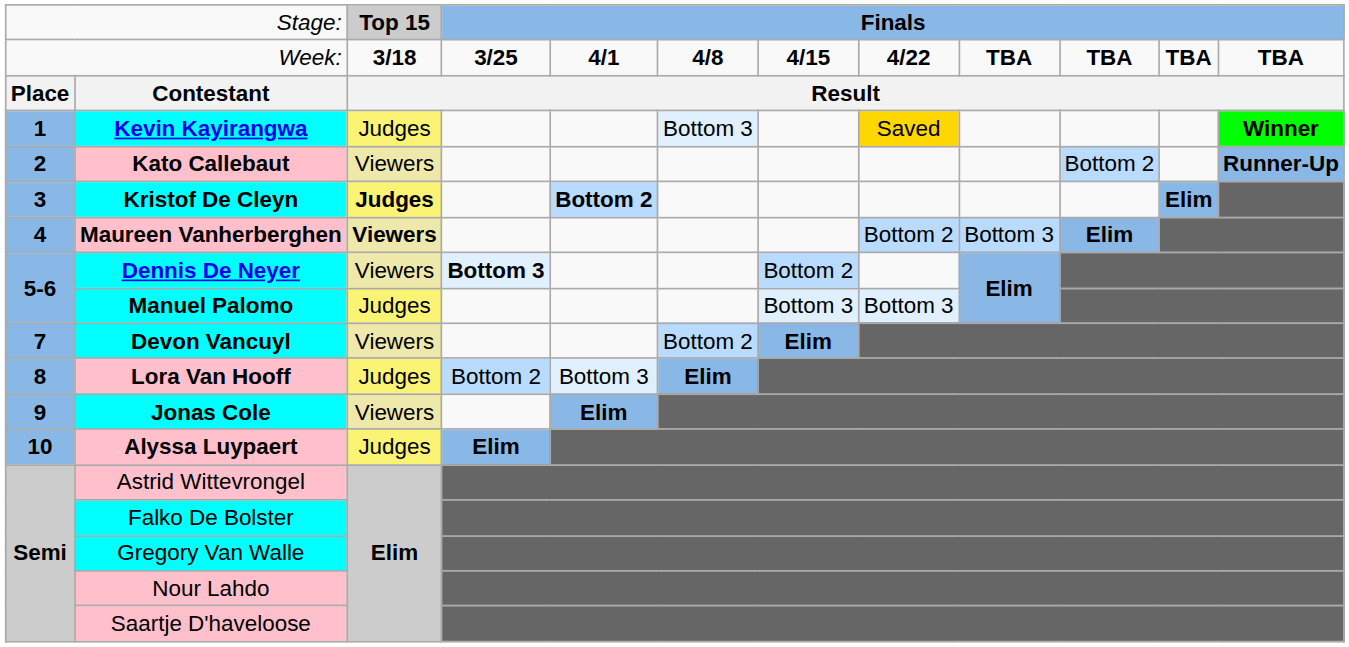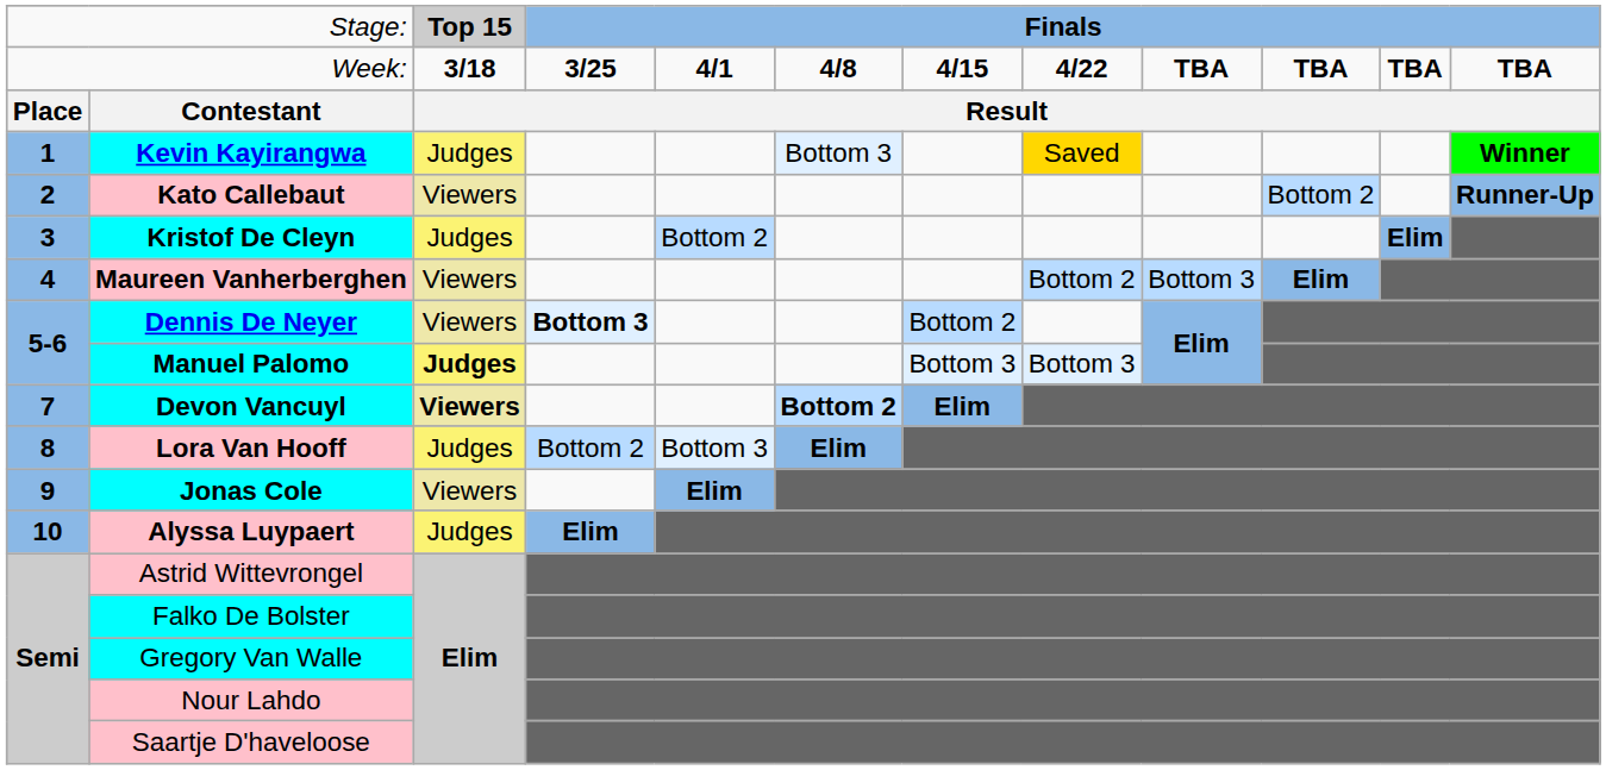 <table class="wikitable" style="margin:1em auto; text-align:center; font-size:85%">
 <tr>
 <td align="right" colspan=2><em>Stage:</em></td>
 <td bgcolor="CCCCCC"><strong>Top 15</strong></td>
 <td bgcolor="8AB8E6" colspan=9><strong>Finals</strong></td>
 </tr>
 <tr>
 <td align="right" colspan=2><em>Week:</em></td>
 <td><strong>3/18</strong></td>
 <td><strong>3/25</strong></td>
 <td><strong>4/1</strong></td>
 <td><strong>4/8</strong></td>
 <td><strong>4/15</strong></td>
 <td><strong>4/22</strong></td>
 <td><strong>TBA</strong></td>
 <td><strong>TBA</strong></td>
 <td><strong>TBA</strong></td>
 <td><strong>TBA</strong></td>
 </tr>
 <tr>
 <th>Place</th>
 <th>Contestant</th>
 <th align="center" colspan=11>Result</th>
 </tr>
 <tr>
 <td bgcolor="8AB8E6"><strong>1</strong></td>
 <td bgcolor="cyan"><strong><a href='#'>Kevin Kayirangwa</a></strong></td>
 <td bgcolor="FBF373">Judges</td>
 <td></td>
 <td></td>
 <td bgcolor="E0F0FF">Bottom 3</td>
 <td></td>
 <td bgcolor="gold">Saved</td>
 <td></td>
 <td></td>
 <td></td>
 <td style="background:lime;" rowspan="1"><strong>Winner</strong></td>
 </tr>
 <tr>
 <td bgcolor="8AB8E6"><strong>2</strong></td>
 <td bgcolor="pink"><strong>Kato Callebaut</strong></td>
 <td bgcolor="palegoldenrod">Viewers</td>
 <td></td>
 <td></td>
 <td></td>
 <td></td>
 <td></td>
 <td></td>
 <td bgcolor="B8DBFF">Bottom 2</td>
 <td></td>
 <td style="background:#8ab8e6;" rowspan="1"><strong>Runner-Up</strong></td>
 </tr>
 <tr>
 <td bgcolor="8AB8E6"><strong>3</strong></td>
 <td bgcolor="cyan"><strong>Kristof De Cleyn</strong></td>
-<td bgcolor="FBF373"><strong>Judges</strong></td>
+<td bgcolor="FBF373">Judges</td>
 <td></td>
-<td bgcolor="B8DBFF"><strong>Bottom 2</strong></td>
+<td bgcolor="B8DBFF">Bottom 2</td>
 <td></td>
 <td></td>
 <td></td>
 <td></td>
 <td></td>
 <td style="background:#8ab8e6;" rowspan="1"><strong>Elim</strong></td>
 <td bgcolor="666666" colspan=4></td>
 </tr>
 <tr>
 <td bgcolor="8AB8E6"><strong>4</strong></td>
 <td bgcolor="pink"><strong>Maureen Vanherberghen</strong></td>
-<td bgcolor="palegoldenrod"><strong>Viewers</strong></td>
+<td bgcolor="palegoldenrod">Viewers</td>
 <td></td>
 <td></td>
 <td></td>
 <td></td>
 <td bgcolor="B8DBFF">Bottom 2</td>
 <td bgcolor="B8DBFF">Bottom 3</td>
 <td style="background:#8ab8e6;" rowspan="1"><strong>Elim</strong></td>
 <td bgcolor="666666" colspan=4></td>
 </tr>
 <tr>
 <td bgcolor="8AB8E6" rowspan="2"><strong>5-6</strong></td>
 <td bgcolor="cyan"><strong><a href='#'>Dennis De Neyer</a></strong></td>
 <td bgcolor="palegoldenrod">Viewers</td>
 <td bgcolor="E0F0FF"><strong>Bottom 3</strong></td>
 <td></td>
 <td></td>
 <td bgcolor="B8DBFF">Bottom 2</td>
 <td></td>
 <td style="background:#8ab8e6;" rowspan="2"><strong>Elim</strong></td>
 <td bgcolor="666666" colspan=4></td>
 </tr>
 <tr>
 <td bgcolor="cyan"><strong>Manuel Palomo</strong></td>
-<td bgcolor="FBF373">Judges</td>
+<td bgcolor="FBF373"><strong>Judges</strong></td>
 <td></td>
 <td></td>
 <td></td>
 <td bgcolor="E0F0FF">Bottom 3</td>
 <td bgcolor="E0F0FF">Bottom 3</td>
 <td bgcolor="666666" colspan=4></td>
 </tr>
 <tr>
 <td bgcolor="8AB8E6"><strong>7</strong></td>
 <td bgcolor="cyan"><strong>Devon Vancuyl</strong></td>
-<td bgcolor="palegoldenrod">Viewers</td>
+<td bgcolor="palegoldenrod"><strong>Viewers</strong></td>
 <td></td>
 <td></td>
-<td bgcolor="B8DBFF">Bottom 2</td>
+<td bgcolor="B8DBFF"><strong>Bottom 2</strong></td>
 <td style="background:#8ab8e6;"><strong>Elim</strong></td>
 <td bgcolor="666666" colspan=5></td>
 </tr>
 <tr>
 <td bgcolor="8AB8E6"><strong>8</strong></td>
 <td bgcolor="pink"><strong>Lora Van Hooff</strong></td>
 <td bgcolor="FBF373">Judges</td>
 <td bgcolor="B8DBFF">Bottom 2</td>
 <td bgcolor="E0F0FF">Bottom 3</td>
 <td style="background:#8ab8e6;"><strong>Elim</strong></td>
 <td bgcolor="666666" colspan=6></td>
 </tr>
 <tr>
 <td bgcolor="8AB8E6"><strong>9</strong></td>
 <td bgcolor="cyan"><strong>Jonas Cole</strong></td>
 <td bgcolor="palegoldenrod">Viewers</td>
 <td></td>
 <td style="background:#8ab8e6;"><strong>Elim</strong></td>
 <td bgcolor="666666" colspan=7></td>
 </tr>
 <tr>
 <td bgcolor="8AB8E6"><strong>10</strong></td>
 <td bgcolor="pink"><strong>Alyssa Luypaert</strong></td>
 <td bgcolor="FBF373">Judges</td>
 <td style="background:#8ab8e6;"><strong>Elim</strong></td>
 <td bgcolor="666666" colspan=8></td>
 </tr>
 <tr>
 <td rowspan=5 bgcolor="CCCCCC"><strong>Semi</strong></td>
 <td bgcolor="pink">Astrid Wittevrongel</td>
 <td rowspan=5 bgcolor="CCCCCC"><strong>Elim</strong></td>
 <td bgcolor="666666" colspan=9></td>
 </tr>
 <tr>
 <td bgcolor="cyan">Falko De Bolster</td>
 <td bgcolor="666666" colspan=9></td>
 </tr>
 <tr>
 <td bgcolor="cyan">Gregory Van Walle</td>
 <td bgcolor="666666" colspan=9></td>
 </tr>
 <tr>
 <td bgcolor="pink">Nour Lahdo</td>
 <td bgcolor="666666" colspan=9></td>
 </tr>
 <tr>
 <td bgcolor="pink">Saartje D'haveloose</td>
 <td bgcolor="666666" colspan=9></td>
 </tr>
 </table>
